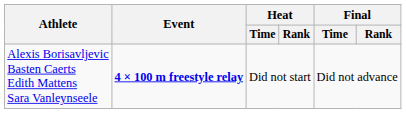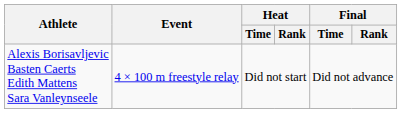 <table class=wikitable style="font-size:90%">
 <tr>
 <th rowspan=2>Athlete</th>
 <th rowspan=2>Event</th>
 <th colspan="2">Heat</th>
 <th colspan="2">Final</th>
 </tr>
 <tr style="font-size:95%">
 <th>Time</th>
 <th>Rank</th>
 <th>Time</th>
 <th>Rank</th>
 </tr>
 <tr align=center>
 <td align=left><a href='#'>Alexis Borisavljevic</a><br><a href='#'>Basten Caerts</a><br><a href='#'>Edith Mattens</a><br><a href='#'>Sara Vanleynseele</a></td>
-<td align=left><strong><a href='#'>4 × 100 m freestyle relay</a></strong></td>
+<td align=left><a href='#'>4 × 100 m freestyle relay</a></td>
 <td align=center colspan=2>Did not start</td>
 <td colspan=2>Did not advance</td>
 </tr>
 </table>
